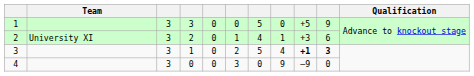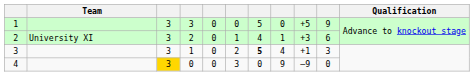 <table class="wikitable" style="text-align:center">
 <tr>
 <th width=30></th>
 <th width=200>Team</th>
 <th width=30></th>
 <th width=30></th>
 <th width=30></th>
 <th width=30></th>
 <th width=30></th>
 <th width=30></th>
 <th width=30></th>
 <th width=30></th>
 <th width=200>Qualification</th>
 </tr>
 <tr style="background-color:#cfc">
 <td>1</td>
 <td style="text-align:left"></td>
 <td>3</td>
 <td>3</td>
 <td>0</td>
 <td>0</td>
 <td>5</td>
 <td>0</td>
 <td>+5</td>
 <td>9</td>
 <td rowspan="2">Advance to <a href='#'>knockout stage</a></td>
 </tr>
 <tr style="background-color:#cfc">
 <td>2</td>
 <td style="text-align:left"> University XI</td>
 <td>3</td>
 <td>2</td>
 <td>0</td>
 <td>1</td>
 <td>4</td>
 <td>1</td>
 <td>+3</td>
 <td>6</td>
 </tr>
 <tr>
 <td>3</td>
 <td style="text-align:left"></td>
 <td>3</td>
 <td>1</td>
 <td>0</td>
 <td>2</td>
-<td>5</td>
+<td><strong>5</strong></td>
 <td>4</td>
-<td><strong>+1</strong></td>
-<td><strong>3</strong></td>
+<td>+1</td>
+<td>3</td>
 <td rowspan="2"></td>
 </tr>
 <tr>
 <td>4</td>
 <td style="text-align:left"></td>
-<td>3</td>
+<td style="background: gold;">3</td>
 <td>0</td>
 <td>0</td>
 <td>3</td>
 <td>0</td>
 <td>9</td>
 <td>–9</td>
 <td>0</td>
 </tr>
 </table>
